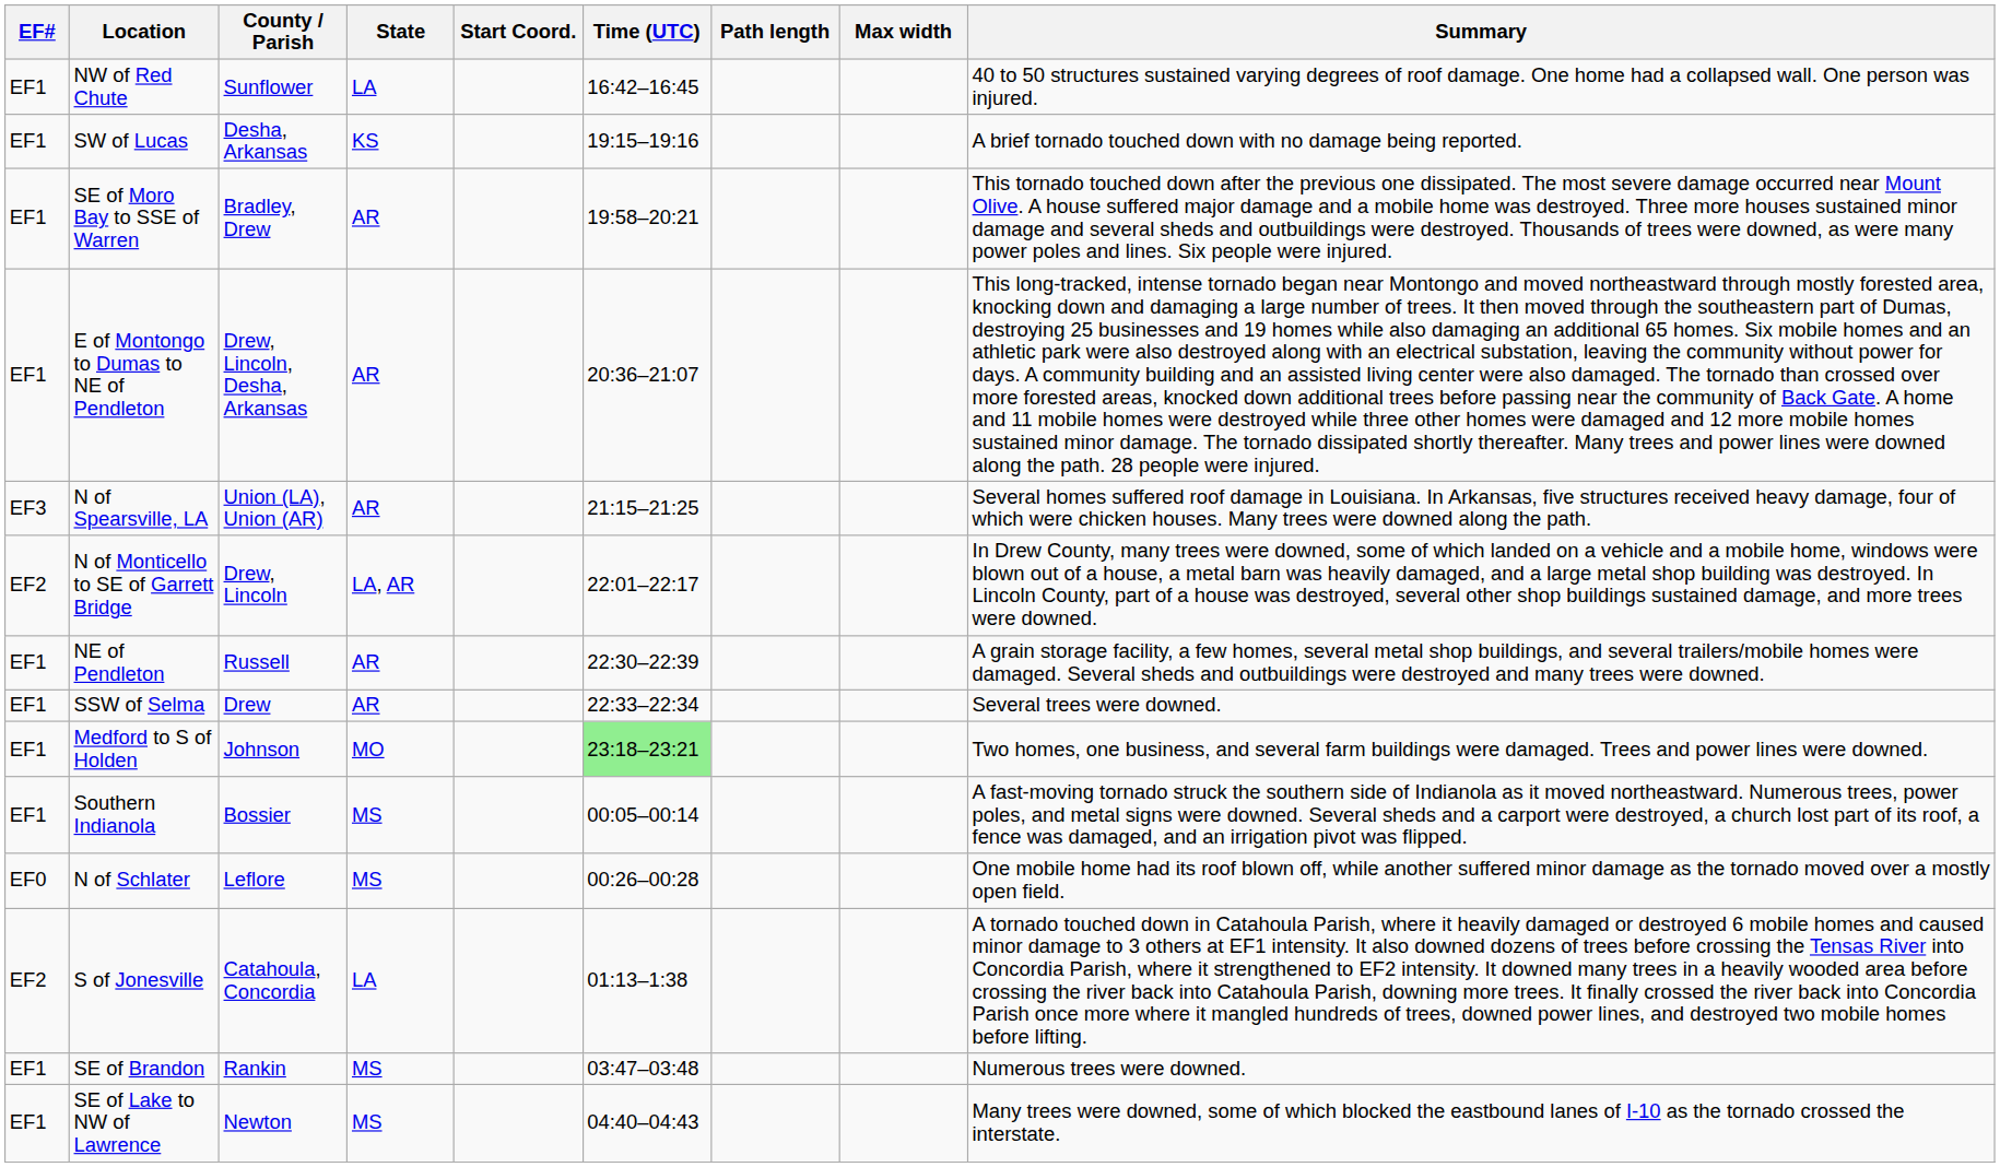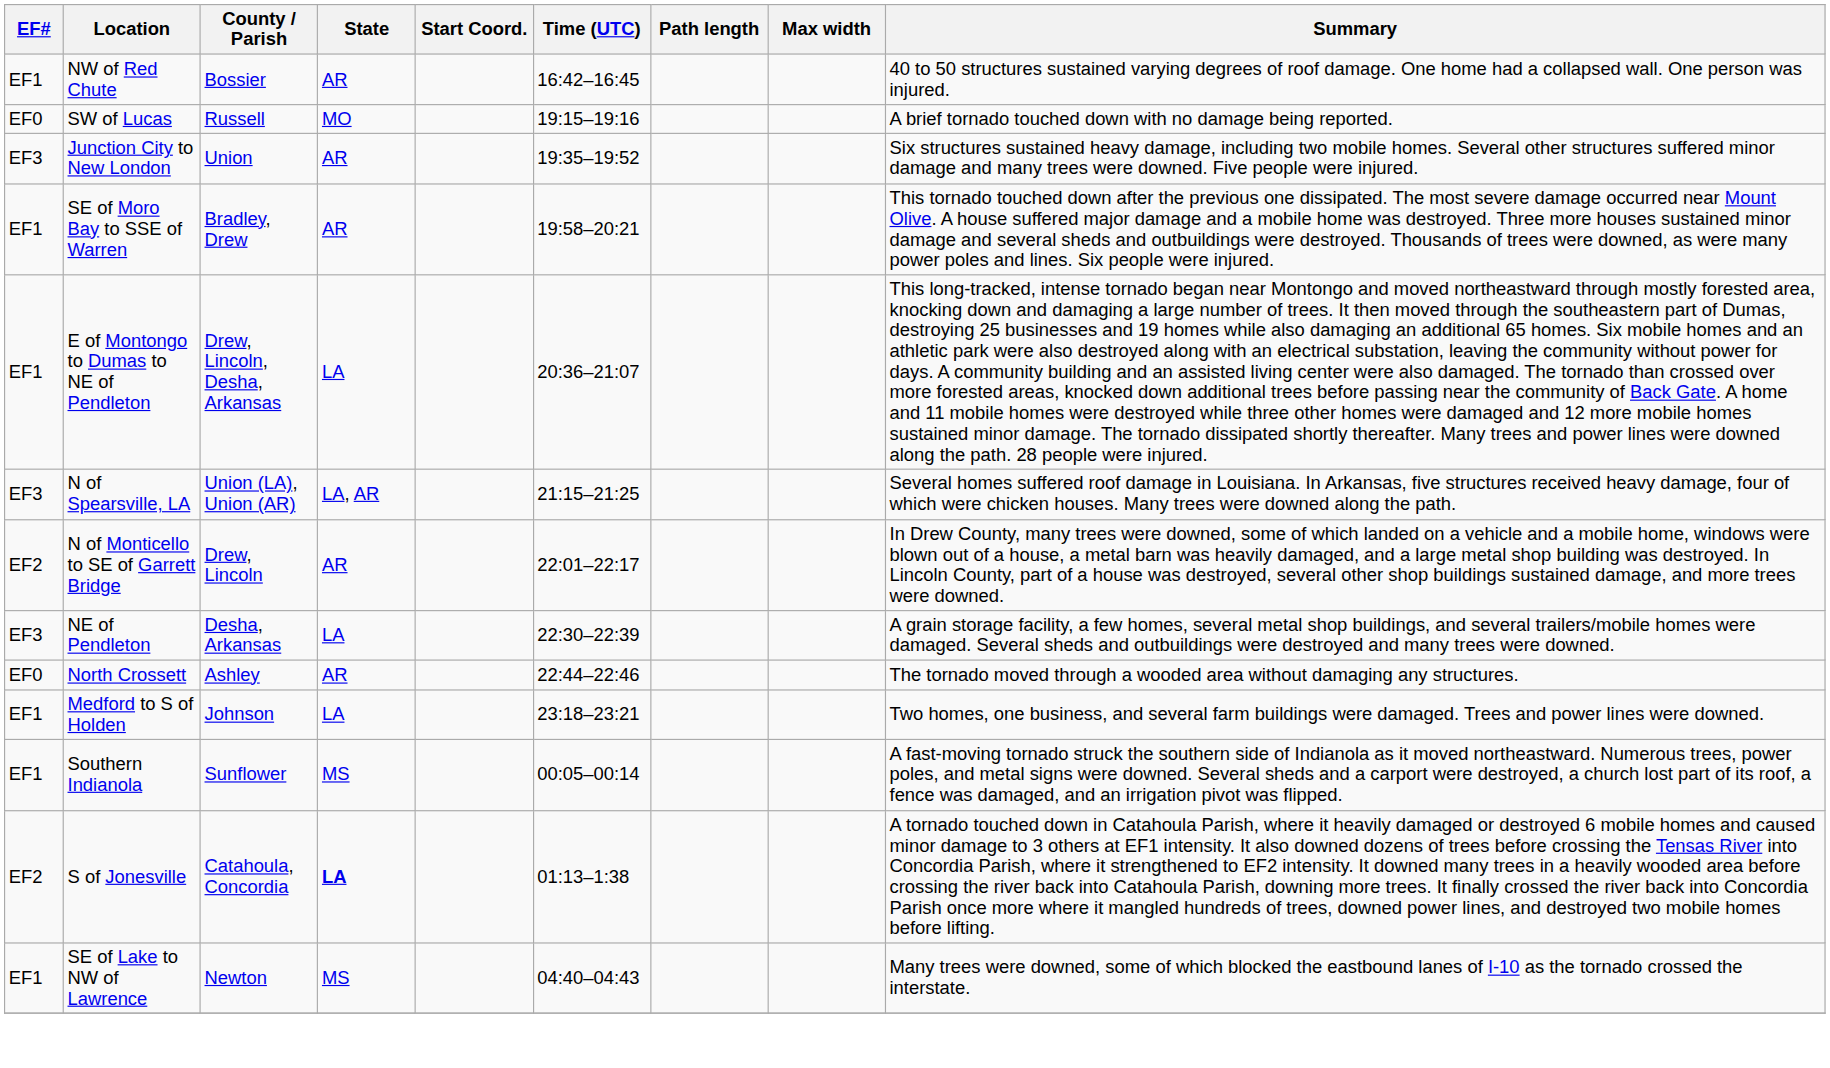 <table class="wikitable sortable" style="width:100%;">
 <tr>
 <th scope="col"  style="width:3%; text-align:center;"><a href='#'>EF#</a></th>
 <th scope="col"  style="width:7%; text-align:center;" class="unsortable">Location</th>
 <th scope="col"  style="width:6%; text-align:center;" class="unsortable">County / Parish</th>
 <th scope="col"  style="width:5%; text-align:center;">State</th>
 <th scope="col"  style="width:6%; text-align:center;">Start Coord.</th>
 <th scope="col"  style="width:6%; text-align:center;">Time (<a href='#'>UTC</a>)</th>
 <th scope="col"  style="width:6%; text-align:center;">Path length</th>
 <th scope="col"  style="width:6%; text-align:center;">Max width</th>
 <th scope="col" class="unsortable" style="width:48%; text-align:center;">Summary</th>
 </tr>
 <tr>
 <td>EF1</td>
 <td>NW of <a href='#'>Red Chute</a></td>
-<td><a href='#'>Sunflower</a></td>
-<td><a href='#'>LA</a></td>
+<td><a href='#'>Bossier</a></td>
+<td><a href='#'>AR</a></td>
 <td></td>
 <td>16:42–16:45</td>
 <td></td>
 <td></td>
 <td>40 to 50 structures sustained varying degrees of roof damage. One home had a collapsed wall. One person was injured.</td>
 </tr>
 <tr>
-<td>EF1</td>
+<td>EF0</td>
 <td>SW of <a href='#'>Lucas</a></td>
-<td><a href='#'>Desha</a>, <a href='#'>Arkansas</a></td>
-<td><a href='#'>KS</a></td>
+<td><a href='#'>Russell</a></td>
+<td><a href='#'>MO</a></td>
 <td></td>
 <td>19:15–19:16</td>
 <td></td>
 <td></td>
 <td>A brief tornado touched down with no damage being reported.</td>
+</tr>
+<tr>
+<td>EF3</td>
+<td><a href='#'>Junction City</a> to <a href='#'>New London</a></td>
+<td><a href='#'>Union</a></td>
+<td><a href='#'>AR</a></td>
+<td></td>
+<td>19:35–19:52</td>
+<td></td>
+<td></td>
+<td>Six structures sustained heavy damage, including two mobile homes. Several other structures suffered minor damage and many trees were downed. Five people were injured.</td>
 </tr>
 <tr>
 <td>EF1</td>
 <td>SE of <a href='#'>Moro Bay</a> to SSE of <a href='#'>Warren</a></td>
 <td><a href='#'>Bradley</a>, <a href='#'>Drew</a></td>
 <td><a href='#'>AR</a></td>
 <td></td>
 <td>19:58–20:21</td>
 <td></td>
 <td></td>
 <td>This tornado touched down after the previous one dissipated. The most severe damage occurred near <a href='#'>Mount Olive</a>. A house suffered major damage and a mobile home was destroyed. Three more houses sustained minor damage and several sheds and outbuildings were destroyed. Thousands of trees were downed, as were many power poles and lines. Six people were injured.</td>
 </tr>
 <tr>
 <td>EF1</td>
 <td>E of <a href='#'>Montongo</a> to <a href='#'>Dumas</a> to NE of <a href='#'>Pendleton</a></td>
 <td><a href='#'>Drew</a>, <a href='#'>Lincoln</a>, <a href='#'>Desha</a>, <a href='#'>Arkansas</a></td>
-<td><a href='#'>AR</a></td>
+<td><a href='#'>LA</a></td>
 <td></td>
 <td>20:36–21:07</td>
 <td></td>
 <td></td>
 <td>This long-tracked, intense tornado began near Montongo and moved northeastward through mostly forested area, knocking down and damaging a large number of trees. It then moved through the southeastern part of Dumas, destroying 25 businesses and 19 homes while also damaging an additional 65 homes. Six mobile homes and an athletic park were also destroyed along with an electrical substation, leaving the community without power for days. A community building and an assisted living center were also damaged. The tornado than crossed over more forested areas, knocked down additional trees before passing near the community of <a href='#'>Back Gate</a>. A home and 11 mobile homes were destroyed while three other homes were damaged and 12 more mobile homes sustained minor damage. The tornado dissipated shortly thereafter. Many trees and power lines were downed along the path. 28 people were injured.</td>
 </tr>
 <tr>
 <td>EF3</td>
 <td>N of <a href='#'>Spearsville, LA</a></td>
 <td><a href='#'>Union (LA)</a>, <a href='#'>Union (AR)</a></td>
-<td><a href='#'>AR</a></td>
+<td><a href='#'>LA</a>, <a href='#'>AR</a></td>
 <td></td>
 <td>21:15–21:25</td>
 <td></td>
 <td></td>
 <td>Several homes suffered roof damage in Louisiana. In Arkansas, five structures received heavy damage, four of which were chicken houses. Many trees were downed along the path.</td>
 </tr>
 <tr>
 <td>EF2</td>
 <td>N of <a href='#'>Monticello</a> to SE of <a href='#'>Garrett Bridge</a></td>
 <td><a href='#'>Drew</a>, <a href='#'>Lincoln</a></td>
-<td><a href='#'>LA</a>, <a href='#'>AR</a></td>
+<td><a href='#'>AR</a></td>
 <td></td>
 <td>22:01–22:17</td>
 <td></td>
 <td></td>
 <td>In Drew County, many trees were downed, some of which landed on a vehicle and a mobile home, windows were blown out of a house, a metal barn was heavily damaged, and a large metal shop building was destroyed. In Lincoln County, part of a house was destroyed, several other shop buildings sustained damage, and more trees were downed.</td>
 </tr>
 <tr>
-<td>EF1</td>
+<td>EF3</td>
 <td>NE of <a href='#'>Pendleton</a></td>
-<td><a href='#'>Russell</a></td>
-<td><a href='#'>AR</a></td>
+<td><a href='#'>Desha</a>, <a href='#'>Arkansas</a></td>
+<td><a href='#'>LA</a></td>
 <td></td>
 <td>22:30–22:39</td>
 <td></td>
 <td></td>
 <td>A grain storage facility, a few homes, several metal shop buildings, and several trailers/mobile homes were damaged. Several sheds and outbuildings were destroyed and many trees were downed.</td>
 </tr>
 <tr>
-<td>EF1</td>
-<td>SSW of <a href='#'>Selma</a></td>
-<td><a href='#'>Drew</a></td>
+<td>EF0</td>
+<td><a href='#'>North Crossett</a></td>
+<td><a href='#'>Ashley</a></td>
 <td><a href='#'>AR</a></td>
 <td></td>
-<td>22:33–22:34</td>
+<td>22:44–22:46</td>
 <td></td>
 <td></td>
-<td>Several trees were downed.</td>
+<td>The tornado moved through a wooded area without damaging any structures.</td>
 </tr>
 <tr>
 <td>EF1</td>
 <td><a href='#'>Medford</a> to S of <a href='#'>Holden</a></td>
 <td><a href='#'>Johnson</a></td>
-<td><a href='#'>MO</a></td>
+<td><a href='#'>LA</a></td>
 <td></td>
-<td style="background: lightgreen;">23:18–23:21</td>
+<td>23:18–23:21</td>
 <td></td>
 <td></td>
 <td>Two homes, one business, and several farm buildings were damaged. Trees and power lines were downed.</td>
 </tr>
 <tr>
 <td>EF1</td>
 <td>Southern <a href='#'>Indianola</a></td>
-<td><a href='#'>Bossier</a></td>
+<td><a href='#'>Sunflower</a></td>
 <td><a href='#'>MS</a></td>
 <td></td>
 <td>00:05–00:14</td>
 <td></td>
 <td></td>
 <td>A fast-moving tornado struck the southern side of Indianola as it moved northeastward. Numerous trees, power poles, and metal signs were downed. Several sheds and a carport were destroyed, a church lost part of its roof, a fence was damaged, and an irrigation pivot was flipped.</td>
 </tr>
 <tr>
-<td>EF0</td>
-<td>N of <a href='#'>Schlater</a></td>
-<td><a href='#'>Leflore</a></td>
-<td><a href='#'>MS</a></td>
-<td></td>
-<td>00:26–00:28</td>
-<td></td>
-<td></td>
-<td>One mobile home had its roof blown off, while another suffered minor damage as the tornado moved over a mostly open field.</td>
-</tr>
-<tr>
 <td>EF2</td>
 <td>S of <a href='#'>Jonesville</a></td>
 <td><a href='#'>Catahoula</a>, <a href='#'>Concordia</a></td>
-<td><a href='#'>LA</a></td>
+<td><strong><a href='#'>LA</a></strong></td>
 <td></td>
 <td>01:13–1:38</td>
 <td></td>
 <td></td>
 <td>A tornado touched down in Catahoula Parish, where it heavily damaged or destroyed 6 mobile homes and caused minor damage to 3 others at EF1 intensity. It also downed dozens of trees before crossing the <a href='#'>Tensas River</a> into Concordia Parish, where it strengthened to EF2 intensity. It downed many trees in a heavily wooded area before crossing the river back into Catahoula Parish, downing more trees. It finally crossed the river back into Concordia Parish once more where it mangled hundreds of trees, downed power lines, and destroyed two mobile homes before lifting.</td>
-</tr>
-<tr>
-<td>EF1</td>
-<td>SE of <a href='#'>Brandon</a></td>
-<td><a href='#'>Rankin</a></td>
-<td><a href='#'>MS</a></td>
-<td></td>
-<td>03:47–03:48</td>
-<td></td>
-<td></td>
-<td>Numerous trees were downed.</td>
 </tr>
 <tr>
 <td>EF1</td>
 <td>SE of <a href='#'>Lake</a> to NW of <a href='#'>Lawrence</a></td>
 <td><a href='#'>Newton</a></td>
 <td><a href='#'>MS</a></td>
 <td></td>
 <td>04:40–04:43</td>
 <td></td>
 <td></td>
 <td>Many trees were downed, some of which blocked the eastbound lanes of <a href='#'>I-10</a> as the tornado crossed the interstate.</td>
 </tr>
 <tr>
 </tr>
 </table>
